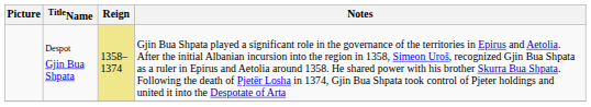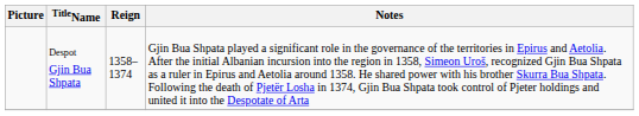 <table class="wikitable">
 <tr ->
 <th>Picture</th>
 <th><sup>Title</sup>Name</th>
 <th>Reign</th>
 <th>Notes</th>
 </tr>
 <tr ->
 <td></td>
 <td><sup> Despot</sup><br><a href='#'>Gjin Bua Shpata</a></td>
-<td style="background: khaki;">1358–1374</td>
+<td>1358–1374</td>
 <td><br>Gjin Bua Shpata played a significant role in the governance of the territories in <a href='#'>Epirus</a> and <a href='#'>Aetolia</a>. After the initial Albanian incursion into the region in 1358, <a href='#'>Simeon Uroš</a>, recognized Gjin Bua Shpata as a ruler in Epirus and Aetolia around 1358. He shared power with his brother <a href='#'>Skurra Bua Shpata</a>. Following the death of <a href='#'>Pjetër Losha</a> in 1374, Gjin Bua Shpata took control of Pjeter holdings and united it into the <a href='#'>Despotate of Arta</a></td>
 </tr>
 <tr ->
 </tr>
 </table>
